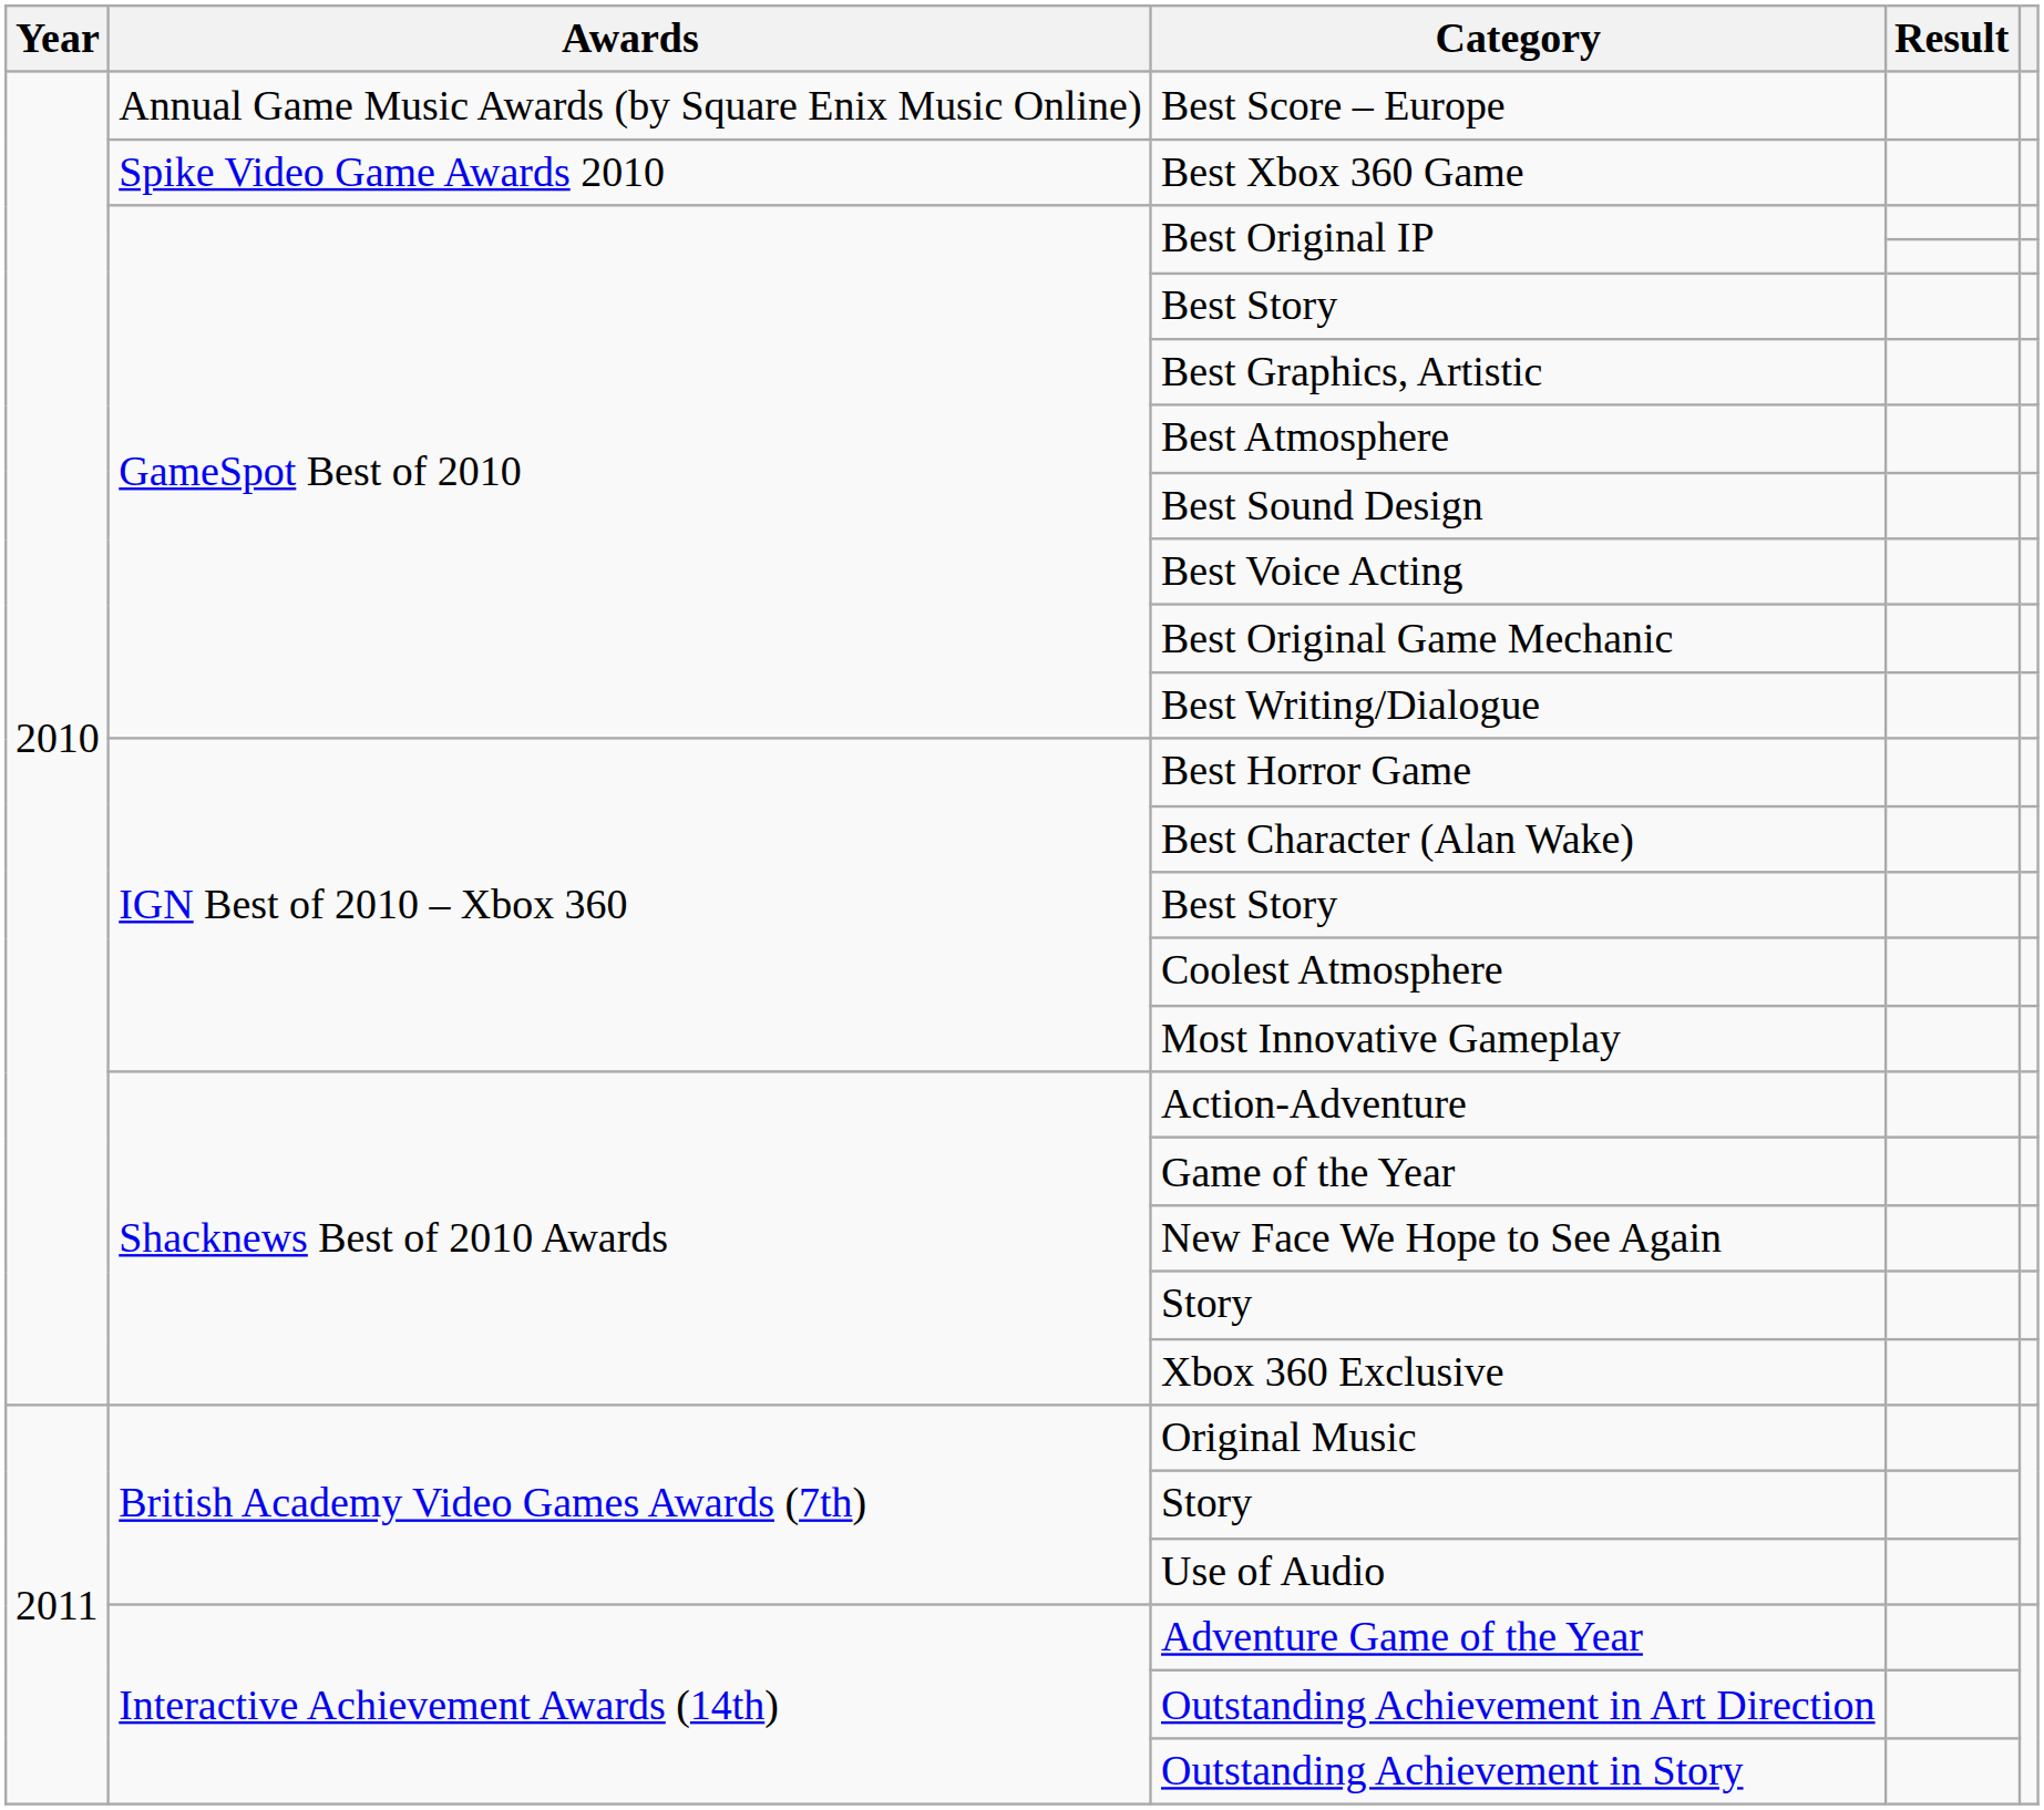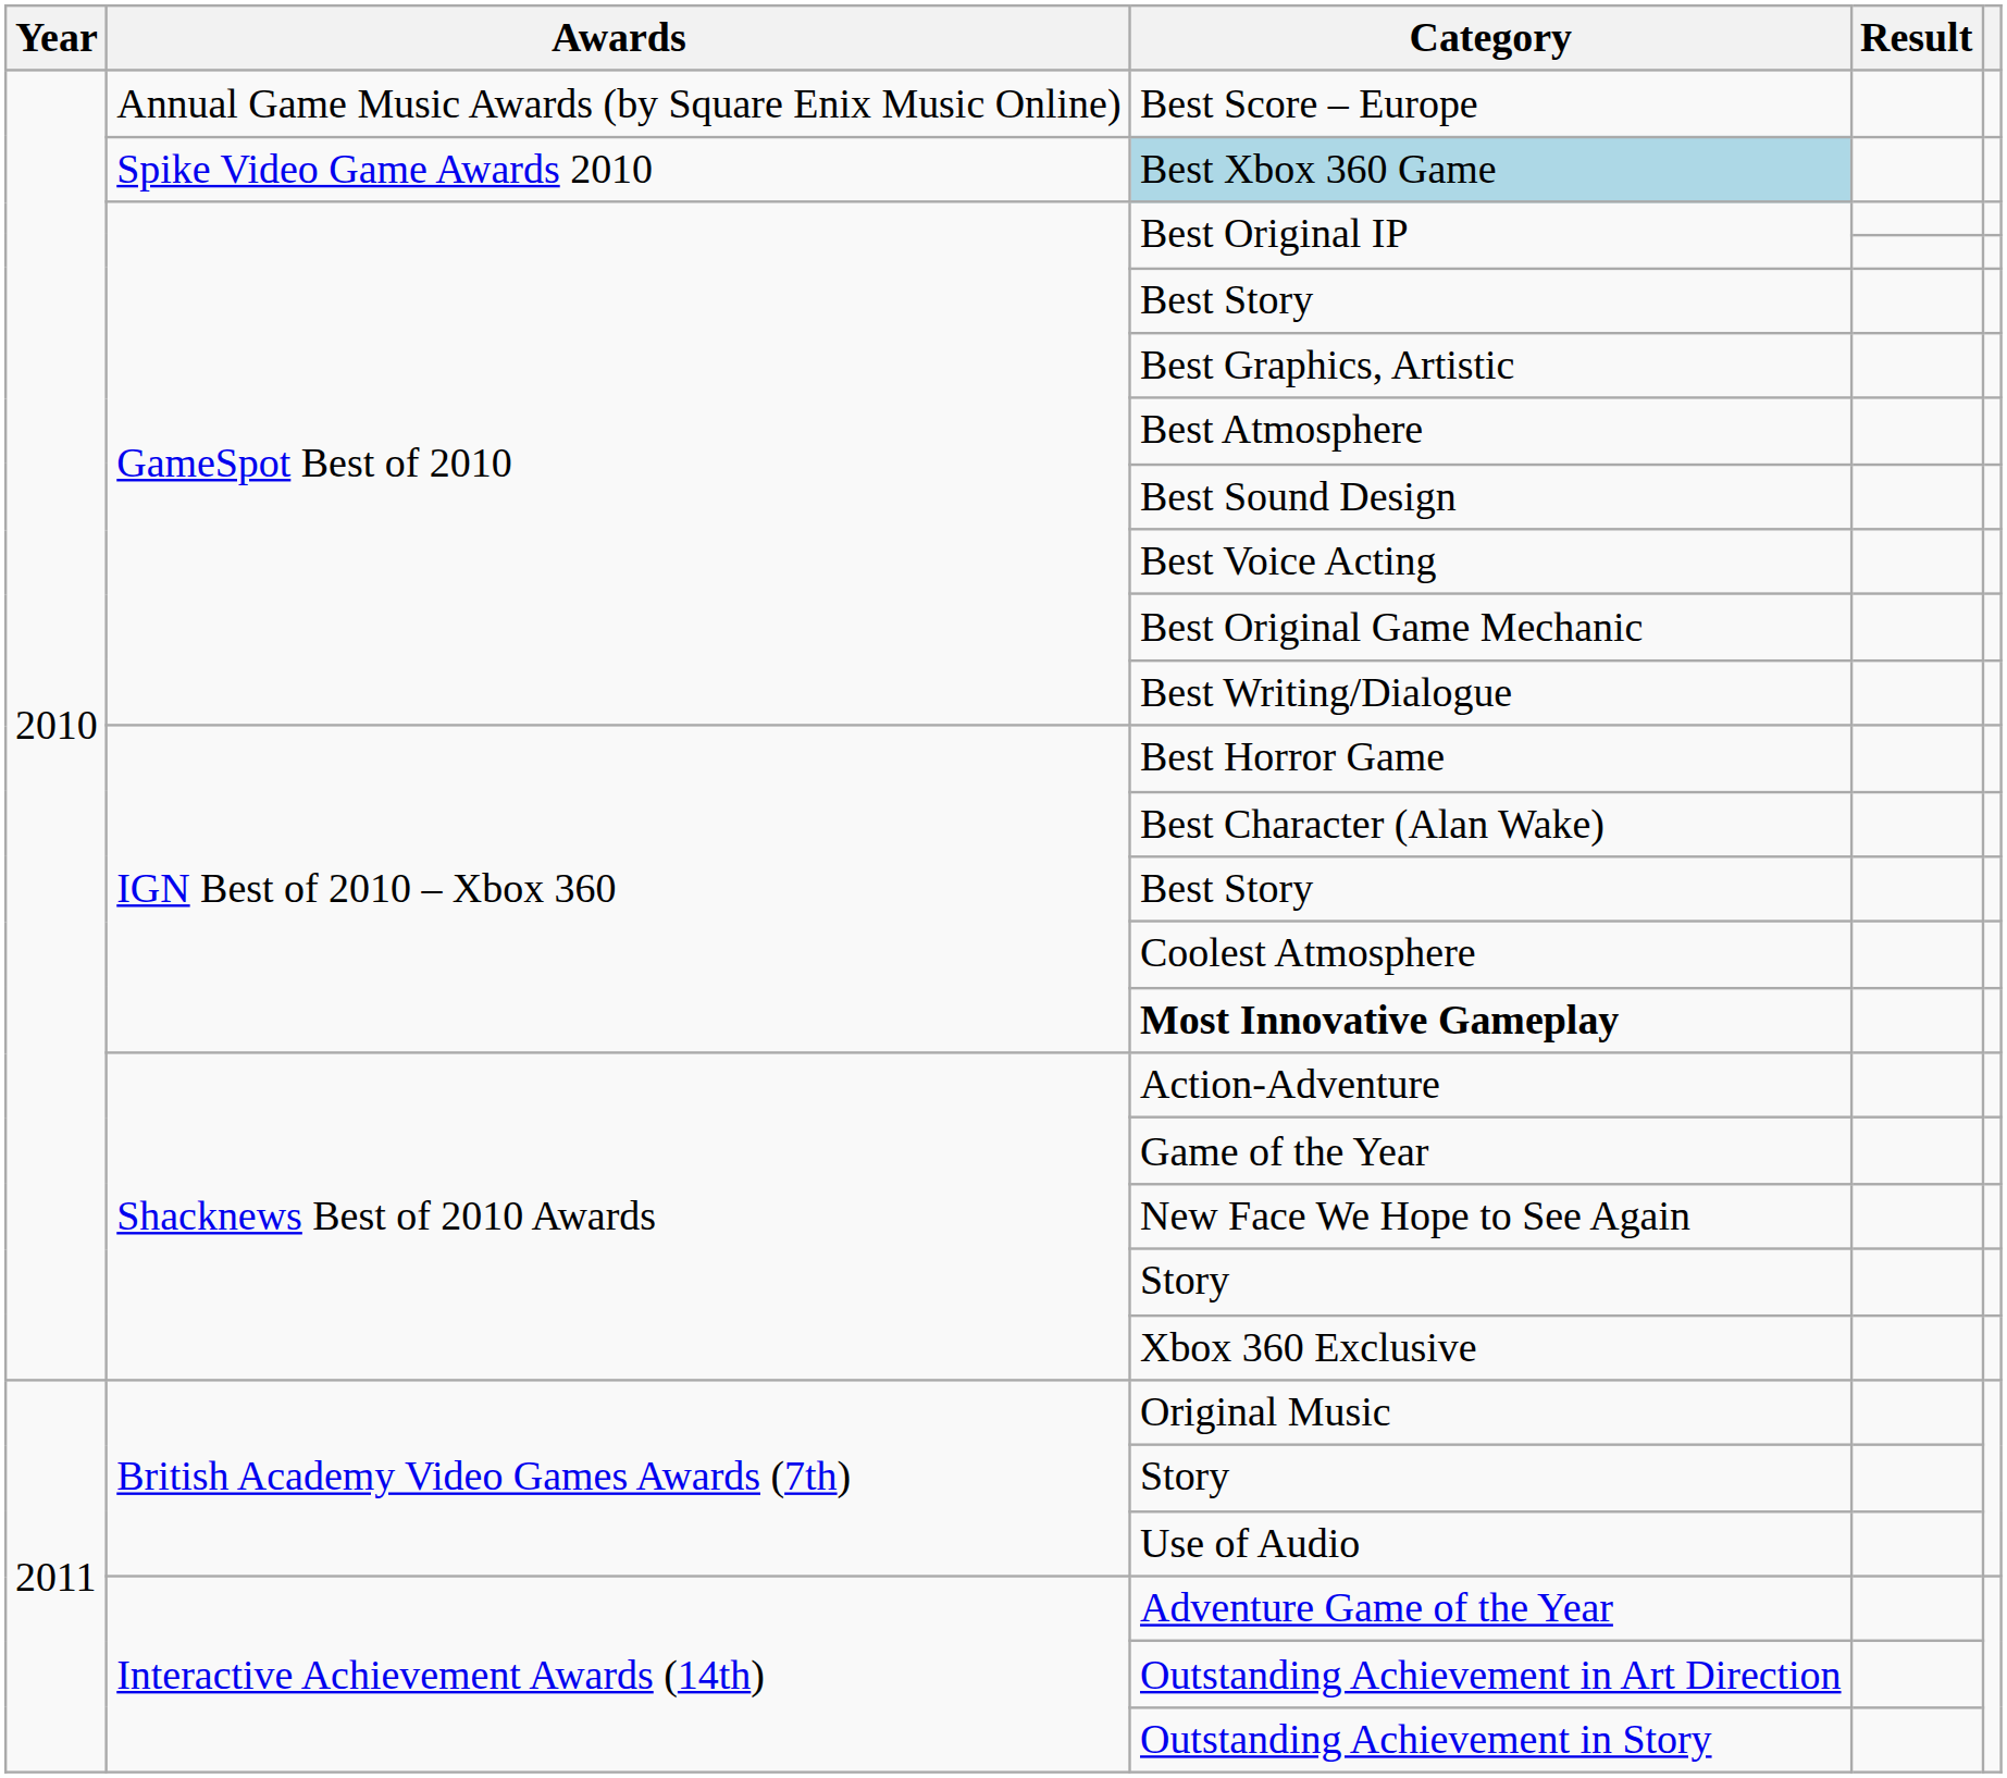 <table class="wikitable">
 <tr>
 <th>Year</th>
 <th>Awards</th>
 <th>Category</th>
 <th>Result</th>
 <th></th>
 </tr>
 <tr>
 <td rowspan="21">2010</td>
 <td>Annual Game Music Awards (by Square Enix Music Online)</td>
 <td>Best Score – Europe</td>
 <td></td>
 <td></td>
 </tr>
 <tr>
 <td rowspan="1"><a href='#'>Spike Video Game Awards</a> 2010</td>
-<td>Best Xbox 360 Game</td>
+<td style="background: lightblue;">Best Xbox 360 Game</td>
 <td></td>
 <td></td>
 </tr>
 <tr>
 <td rowspan="9"><a href='#'>GameSpot</a> Best of 2010</td>
 <td rowspan="2">Best Original IP</td>
 <td></td>
 <td></td>
 </tr>
 <tr>
 <td></td>
 <td></td>
 </tr>
 <tr>
 <td>Best Story</td>
 <td></td>
 <td></td>
 </tr>
 <tr>
 <td>Best Graphics, Artistic</td>
 <td></td>
 <td></td>
 </tr>
 <tr>
 <td>Best Atmosphere</td>
 <td></td>
 <td></td>
 </tr>
 <tr>
 <td>Best Sound Design</td>
 <td></td>
 <td></td>
 </tr>
 <tr>
 <td>Best Voice Acting</td>
 <td></td>
 <td></td>
 </tr>
 <tr>
 <td>Best Original Game Mechanic</td>
 <td></td>
 <td></td>
 </tr>
 <tr>
 <td>Best Writing/Dialogue</td>
 <td></td>
 <td></td>
 </tr>
 <tr>
 <td rowspan="5"><a href='#'>IGN</a> Best of 2010 – Xbox 360</td>
 <td>Best Horror Game</td>
 <td></td>
 <td></td>
 </tr>
 <tr>
 <td>Best Character (Alan Wake)</td>
 <td></td>
 <td></td>
 </tr>
 <tr>
 <td>Best Story</td>
 <td></td>
 <td></td>
 </tr>
 <tr>
 <td>Coolest Atmosphere</td>
 <td></td>
 <td></td>
 </tr>
 <tr>
-<td>Most Innovative Gameplay</td>
+<td><strong>Most Innovative Gameplay</strong></td>
 <td></td>
 <td></td>
 </tr>
 <tr>
 <td rowspan="5"><a href='#'>Shacknews</a> Best of 2010 Awards</td>
 <td>Action-Adventure</td>
 <td></td>
 <td></td>
 </tr>
 <tr>
 <td>Game of the Year</td>
 <td></td>
 <td></td>
 </tr>
 <tr>
 <td>New Face We Hope to See Again</td>
 <td></td>
 <td></td>
 </tr>
 <tr>
 <td>Story</td>
 <td></td>
 <td></td>
 </tr>
 <tr>
 <td>Xbox 360 Exclusive</td>
 <td></td>
 <td></td>
 </tr>
 <tr>
 <td rowspan="6">2011</td>
 <td rowspan="3"><a href='#'>British Academy Video Games Awards</a> (<a href='#'>7th</a>)</td>
 <td>Original Music</td>
 <td></td>
 <td rowspan="3"></td>
 </tr>
 <tr>
 <td>Story</td>
 <td></td>
 </tr>
 <tr>
 <td>Use of Audio</td>
 <td></td>
 </tr>
 <tr>
 <td rowspan="3"><a href='#'>Interactive Achievement Awards</a> (<a href='#'>14th</a>)</td>
 <td><a href='#'>Adventure Game of the Year</a></td>
 <td></td>
 <td rowspan="3"></td>
 </tr>
 <tr>
 <td><a href='#'>Outstanding Achievement in Art Direction</a></td>
 <td></td>
 </tr>
 <tr>
 <td><a href='#'>Outstanding Achievement in Story</a></td>
 <td></td>
 </tr>
 </table>
